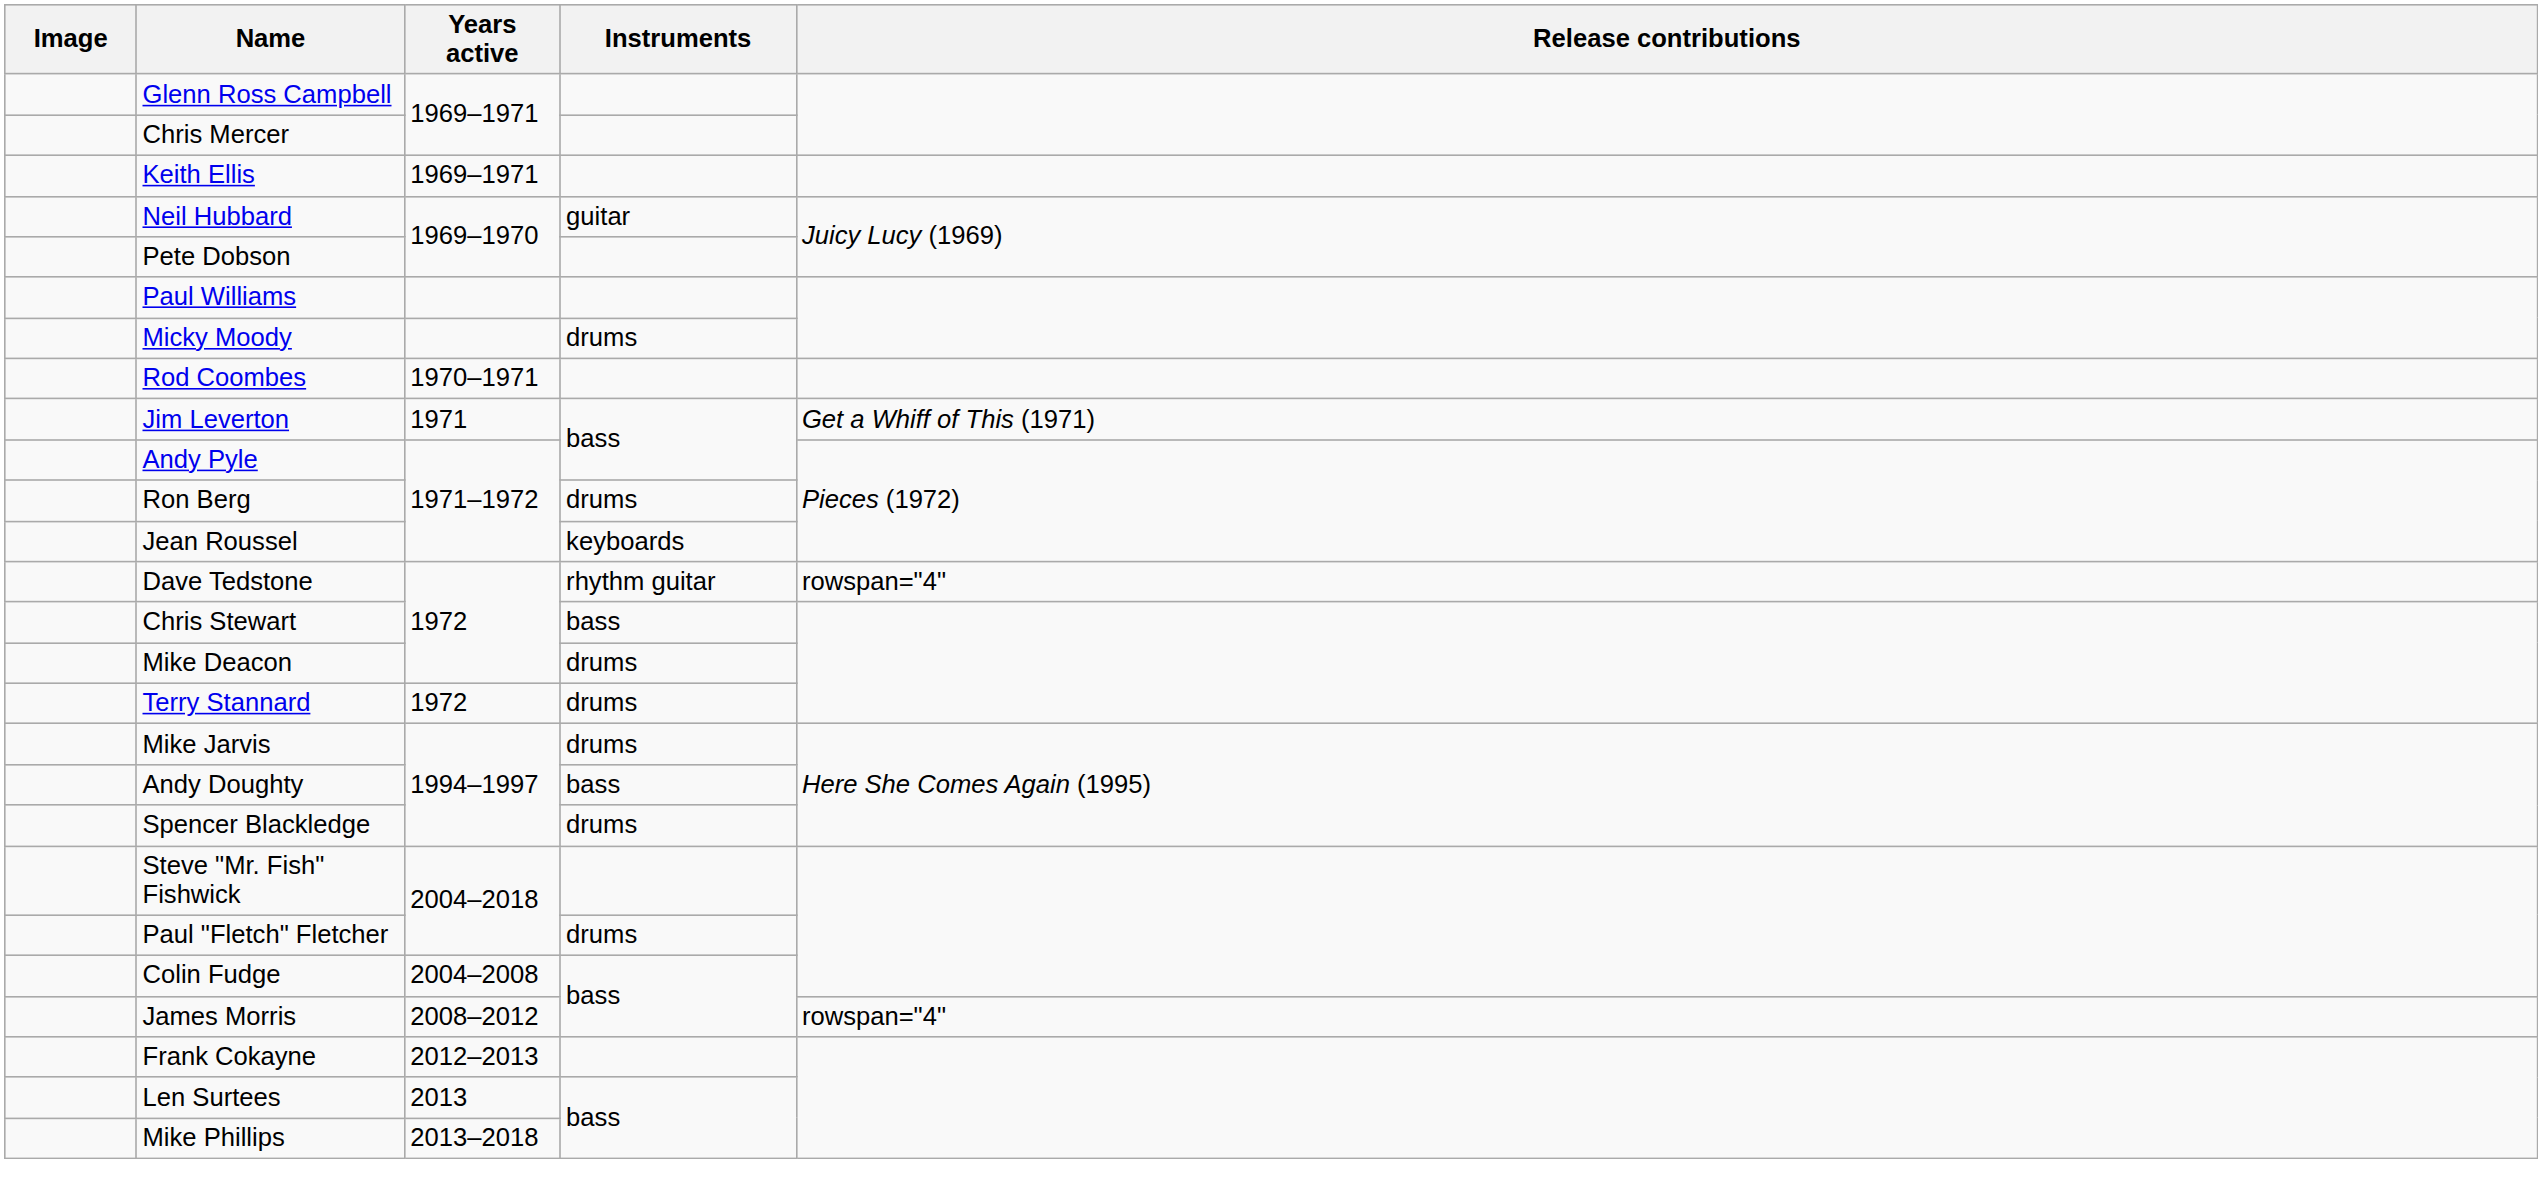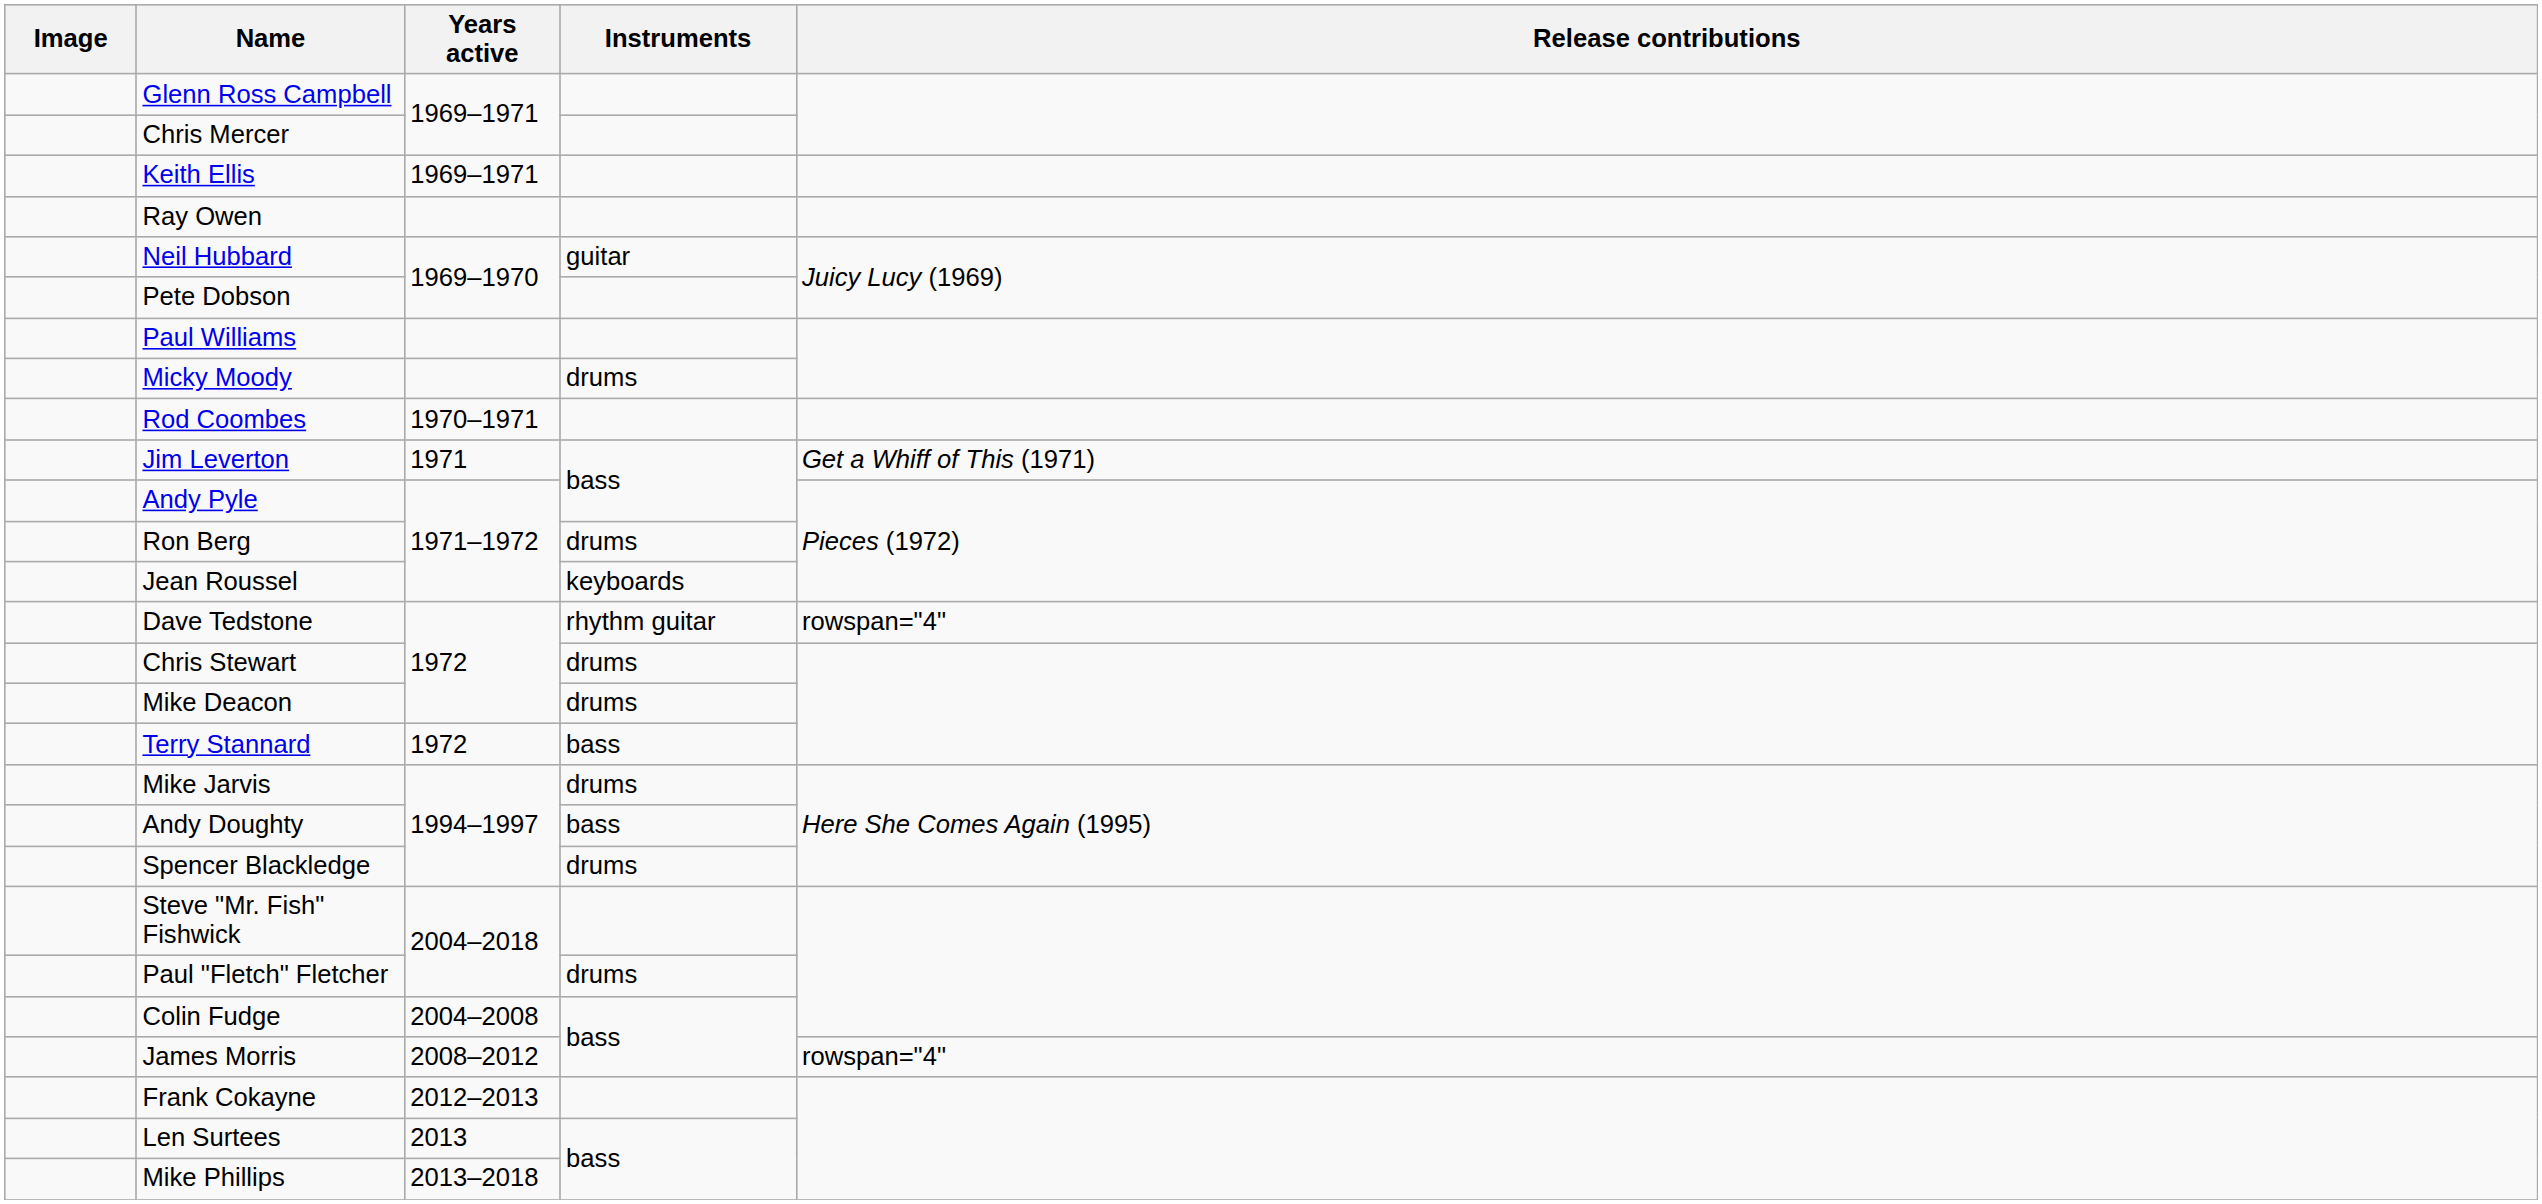 <table class="wikitable" border="1" width=100%>
 <tr>
 <th width="75">Image</th>
 <th width="160">Name</th>
 <th width="90">Years active</th>
 <th width="140">Instruments</th>
 <th>Release contributions</th>
 </tr>
 <tr>
 <td></td>
 <td><a href='#'>Glenn Ross Campbell</a></td>
 <td rowspan="2">1969–1971</td>
 <td></td>
 <td rowspan="2"></td>
 </tr>
 <tr>
 <td></td>
 <td>Chris Mercer</td>
 <td></td>
 </tr>
 <tr>
 <td></td>
 <td><a href='#'>Keith Ellis</a></td>
 <td>1969–1971 </td>
+<td></td>
+<td></td>
+</tr>
+<tr>
+<td></td>
+<td>Ray Owen</td>
+<td></td>
 <td></td>
 <td></td>
 </tr>
 <tr>
 <td></td>
 <td><a href='#'>Neil Hubbard</a></td>
 <td rowspan="2">1969–1970</td>
 <td>guitar</td>
 <td rowspan="2"><em>Juicy Lucy</em> (1969)</td>
 </tr>
 <tr>
 <td></td>
 <td>Pete Dobson</td>
 <td></td>
 </tr>
 <tr>
 <td></td>
 <td><a href='#'>Paul Williams</a></td>
 <td></td>
 <td></td>
 <td rowspan="2"></td>
 </tr>
 <tr>
 <td></td>
 <td><a href='#'>Micky Moody</a></td>
 <td></td>
 <td>drums</td>
 </tr>
 <tr>
 <td></td>
 <td><a href='#'>Rod Coombes</a></td>
 <td>1970–1971</td>
 <td></td>
 <td></td>
 </tr>
 <tr>
 <td></td>
 <td><a href='#'>Jim Leverton</a></td>
 <td>1971</td>
 <td rowspan="2">bass</td>
 <td><em>Get a Whiff of This</em> (1971)</td>
 </tr>
 <tr>
 <td></td>
 <td><a href='#'>Andy Pyle</a></td>
 <td rowspan="3">1971–1972</td>
 <td rowspan="3"><em>Pieces</em> (1972)</td>
 </tr>
 <tr>
 <td></td>
 <td>Ron Berg</td>
 <td>drums</td>
 </tr>
 <tr>
 <td></td>
 <td>Jean Roussel</td>
 <td>keyboards</td>
 </tr>
 <tr>
 <td></td>
 <td>Dave Tedstone</td>
 <td rowspan="3">1972</td>
 <td>rhythm guitar</td>
 <td>rowspan="4" </td>
 </tr>
 <tr>
 <td></td>
 <td>Chris Stewart</td>
-<td>bass</td>
+<td>drums</td>
 </tr>
 <tr>
 <td></td>
 <td>Mike Deacon</td>
 <td>drums</td>
 </tr>
 <tr>
 <td></td>
 <td><a href='#'>Terry Stannard</a></td>
 <td>1972 </td>
-<td>drums</td>
+<td>bass</td>
 </tr>
 <tr>
 <td></td>
 <td>Mike Jarvis</td>
 <td rowspan="3">1994–1997</td>
 <td>drums</td>
 <td rowspan="3"><em>Here She Comes Again</em> (1995)</td>
 </tr>
 <tr>
 <td></td>
 <td>Andy Doughty</td>
 <td>bass</td>
 </tr>
 <tr>
 <td></td>
 <td>Spencer Blackledge</td>
 <td>drums</td>
 </tr>
 <tr>
 <td></td>
 <td>Steve "Mr. Fish" Fishwick</td>
 <td rowspan="2">2004–2018</td>
 <td></td>
 <td rowspan="3"></td>
 </tr>
 <tr>
 <td></td>
 <td>Paul "Fletch" Fletcher</td>
 <td>drums</td>
 </tr>
 <tr>
 <td></td>
 <td>Colin Fudge</td>
 <td>2004–2008</td>
 <td rowspan="2">bass</td>
 </tr>
 <tr>
 <td></td>
 <td>James Morris</td>
 <td>2008–2012</td>
 <td>rowspan="4" </td>
 </tr>
 <tr>
 <td></td>
 <td>Frank Cokayne</td>
 <td>2012–2013</td>
 <td></td>
 </tr>
 <tr>
 <td></td>
 <td>Len Surtees</td>
 <td>2013</td>
 <td rowspan="2">bass</td>
 </tr>
 <tr>
 <td></td>
 <td>Mike Phillips</td>
 <td>2013–2018</td>
 </tr>
 </table>
